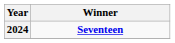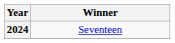 <table class="wikitable" style="text-align:center">
 <tr>
 <th scope="col">Year</th>
 <th scope="col" width="200">Winner</th>
 </tr>
 <tr>
 <th scope="row">2024</th>
-<td><strong><a href='#'>Seventeen</a></strong></td>
+<td><a href='#'>Seventeen</a></td>
 </tr>
 <tr>
 </tr>
 </table>
